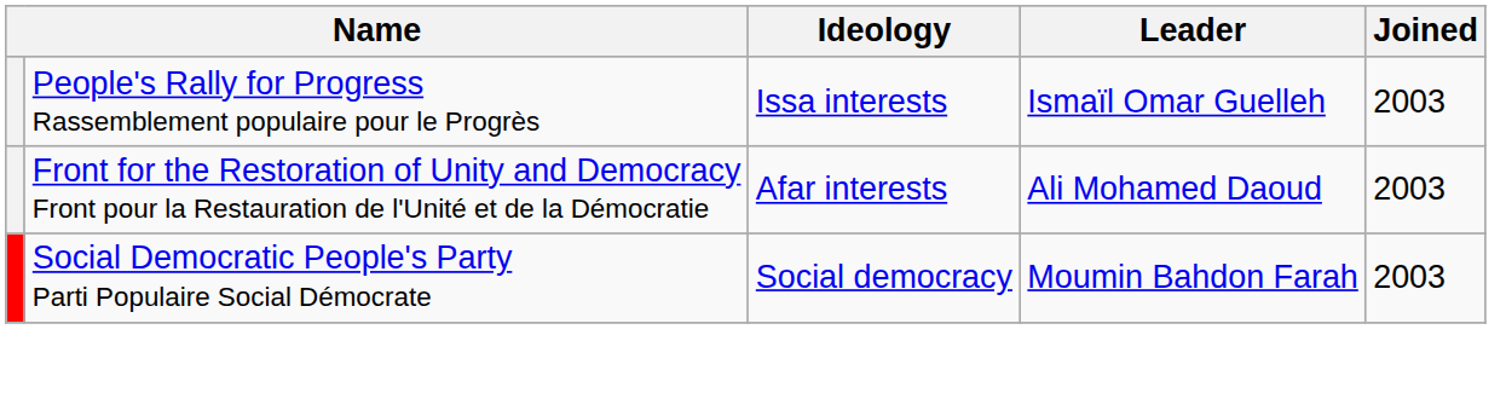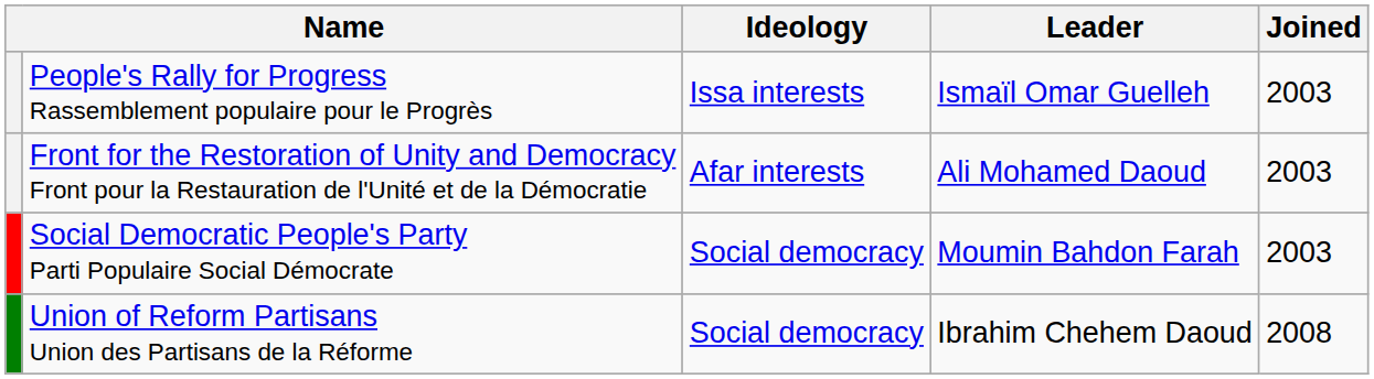 <table class="wikitable">
 <tr>
 <th colspan=2 width=225px>Name</th>
 <th>Ideology</th>
 <th>Leader</th>
 <th>Joined</th>
 </tr>
 <tr>
 <th style="background:"></th>
 <td><a href='#'>People's Rally for Progress</a><br><small>Rassemblement populaire pour le Progrès</small></td>
 <td><a href='#'>Issa interests</a></td>
 <td><a href='#'>Ismaïl Omar Guelleh</a></td>
 <td>2003</td>
 </tr>
 <tr>
 <th style="background:"></th>
 <td><a href='#'>Front for the Restoration of Unity and Democracy</a><br><small>Front pour la Restauration de l'Unité et de la Démocratie</small></td>
 <td><a href='#'>Afar interests</a></td>
 <td><a href='#'>Ali Mohamed Daoud</a></td>
 <td>2003</td>
 </tr>
 <tr>
 <th style="background:Red; width:2px;"></th>
 <td><a href='#'>Social Democratic People's Party</a><br><small>Parti Populaire Social Démocrate</small></td>
 <td><a href='#'>Social democracy</a></td>
 <td><a href='#'>Moumin Bahdon Farah</a></td>
 <td>2003</td>
 </tr>
+<tr>
+<th style="background:#007f01; width:2px;"></th>
+<td><a href='#'>Union of Reform Partisans</a><br><small>Union des Partisans de la Réforme</small></td>
+<td><a href='#'>Social democracy</a></td>
+<td>Ibrahim Chehem Daoud</td>
+<td>2008</td>
+</tr>
 </table>
